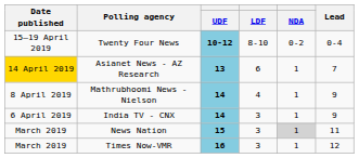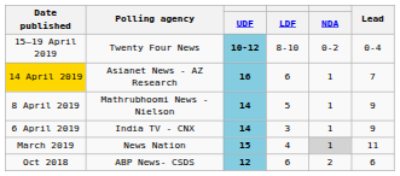 <table class="wikitable sortable" style="text-align:center;font-size:95%;line-height:16px">
 <tr>
 <th rowspan="2" width="100px">Date published</th>
 <th rowspan="2" width="175px">Polling agency</th>
 <th style="background:"></th>
 <th style="background:"></th>
 <th style="background:"></th>
 <th rowspan="2" width="50px">Lead</th>
 </tr>
 <tr>
 <th width="50px" class="unsortable"><a href='#'>UDF</a></th>
 <th width="50px" class="unsortable"><a href='#'>LDF</a></th>
 <th width="50px" class="unsortable"><a href='#'>NDA</a></th>
 </tr>
 <tr>
 <td>15–19 April 2019</td>
 <td>Twenty Four News</td>
 <td style="background:#84CCE0"><strong>10-12</strong></td>
 <td>8-10</td>
 <td>0-2</td>
 <td style="background:"><span>0-4</span></td>
 </tr>
 <tr>
 <td style="background: gold;">14 April 2019</td>
 <td>Asianet News - AZ Research</td>
-<td style="background:#84CCE0"><strong>13</strong></td>
+<td style="background:#84CCE0"><strong>16</strong></td>
 <td>6</td>
 <td>1</td>
 <td style="background:"><span>7</span></td>
 </tr>
 <tr>
 <td>8 April 2019</td>
 <td>Mathrubhoomi News - Nielson</td>
 <td style="background:#84CCE0"><strong>14</strong></td>
-<td>4</td>
+<td>5</td>
 <td>1</td>
 <td style="background:"><span>9</span></td>
 </tr>
 <tr>
 <td>6 April 2019</td>
 <td>India TV - CNX</td>
 <td style="background:#84CCE0"><strong>14</strong></td>
 <td>3</td>
 <td>1</td>
 <td style="background:"><span>9</span></td>
 </tr>
 <tr>
 <td>March 2019</td>
 <td>News Nation</td>
 <td style="background:#84CCE0"><strong>15</strong></td>
-<td>3</td>
+<td>4</td>
 <td style="background: lightgrey;">1</td>
 <td style="background:"><span>11</span></td>
 </tr>
 <tr>
-<td>March 2019</td>
-<td>Times Now-VMR</td>
-<td style="background:#84CCE0"><strong>16</strong></td>
-<td>3</td>
-<td>1</td>
-<td style="background:"><span>12</span></td>
+<td>Oct 2018</td>
+<td>ABP News- CSDS</td>
+<td style="background:#84CCE0"><strong>12</strong></td>
+<td>6</td>
+<td>2</td>
+<td style="background:"><span>6</span></td>
 </tr>
 </table>
